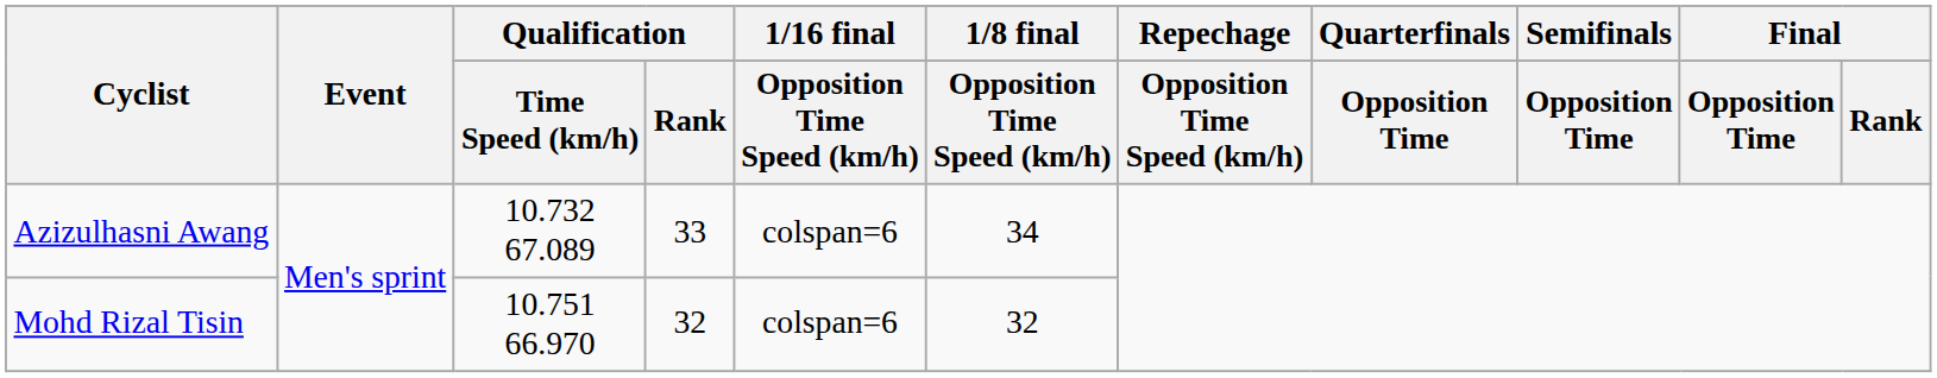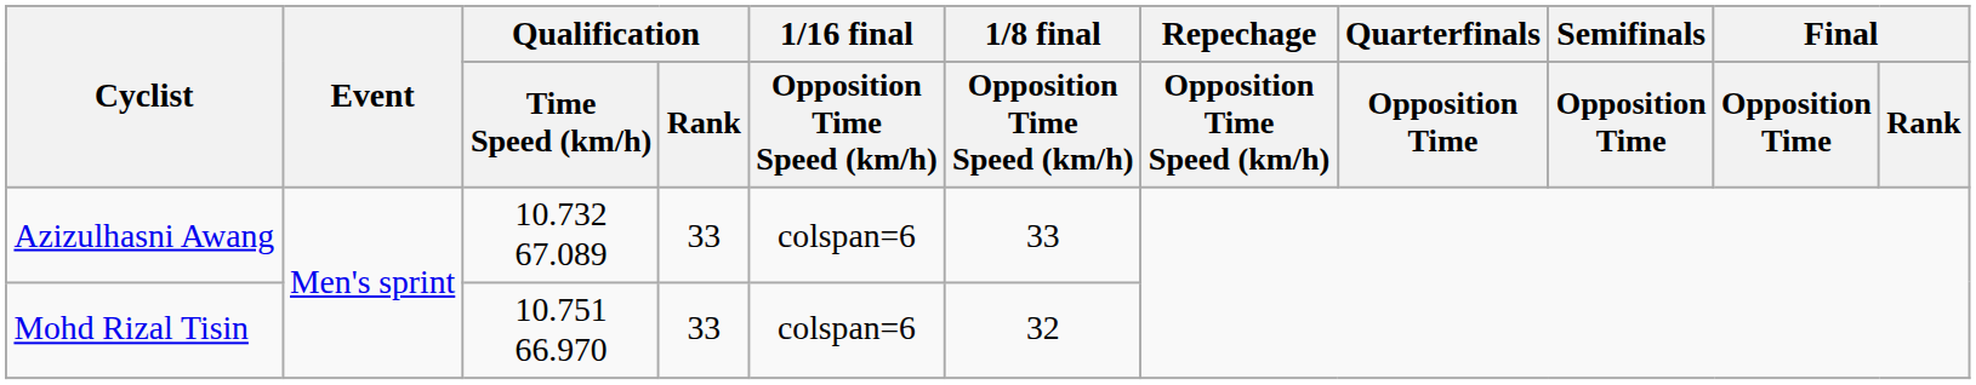 <table class="wikitable" style="font-size:90%">
 <tr>
 <th rowspan=2>Cyclist</th>
 <th rowspan=2>Event</th>
 <th colspan=2>Qualification</th>
 <th>1/16 final</th>
 <th>1/8 final</th>
 <th>Repechage</th>
 <th>Quarterfinals</th>
 <th>Semifinals</th>
 <th colspan=2>Final</th>
 </tr>
 <tr style="font-size:95%">
 <th>Time<br>Speed (km/h)</th>
 <th>Rank</th>
 <th>Opposition<br>Time<br>Speed (km/h)</th>
 <th>Opposition<br>Time<br>Speed (km/h)</th>
 <th>Opposition<br>Time<br>Speed (km/h)</th>
 <th>Opposition<br>Time</th>
 <th>Opposition<br>Time</th>
 <th>Opposition<br>Time</th>
 <th>Rank</th>
 </tr>
 <tr align=center>
 <td align=left><a href='#'>Azizulhasni Awang</a></td>
 <td align=left rowspan=2><a href='#'>Men's sprint</a></td>
 <td>10.732<br>67.089</td>
 <td>33</td>
 <td>colspan=6 </td>
-<td>34</td>
+<td>33</td>
 </tr>
 <tr align=center>
 <td align=left><a href='#'>Mohd Rizal Tisin</a></td>
 <td>10.751<br>66.970</td>
-<td>32</td>
+<td>33</td>
 <td>colspan=6 </td>
 <td>32</td>
 </tr>
 </table>
